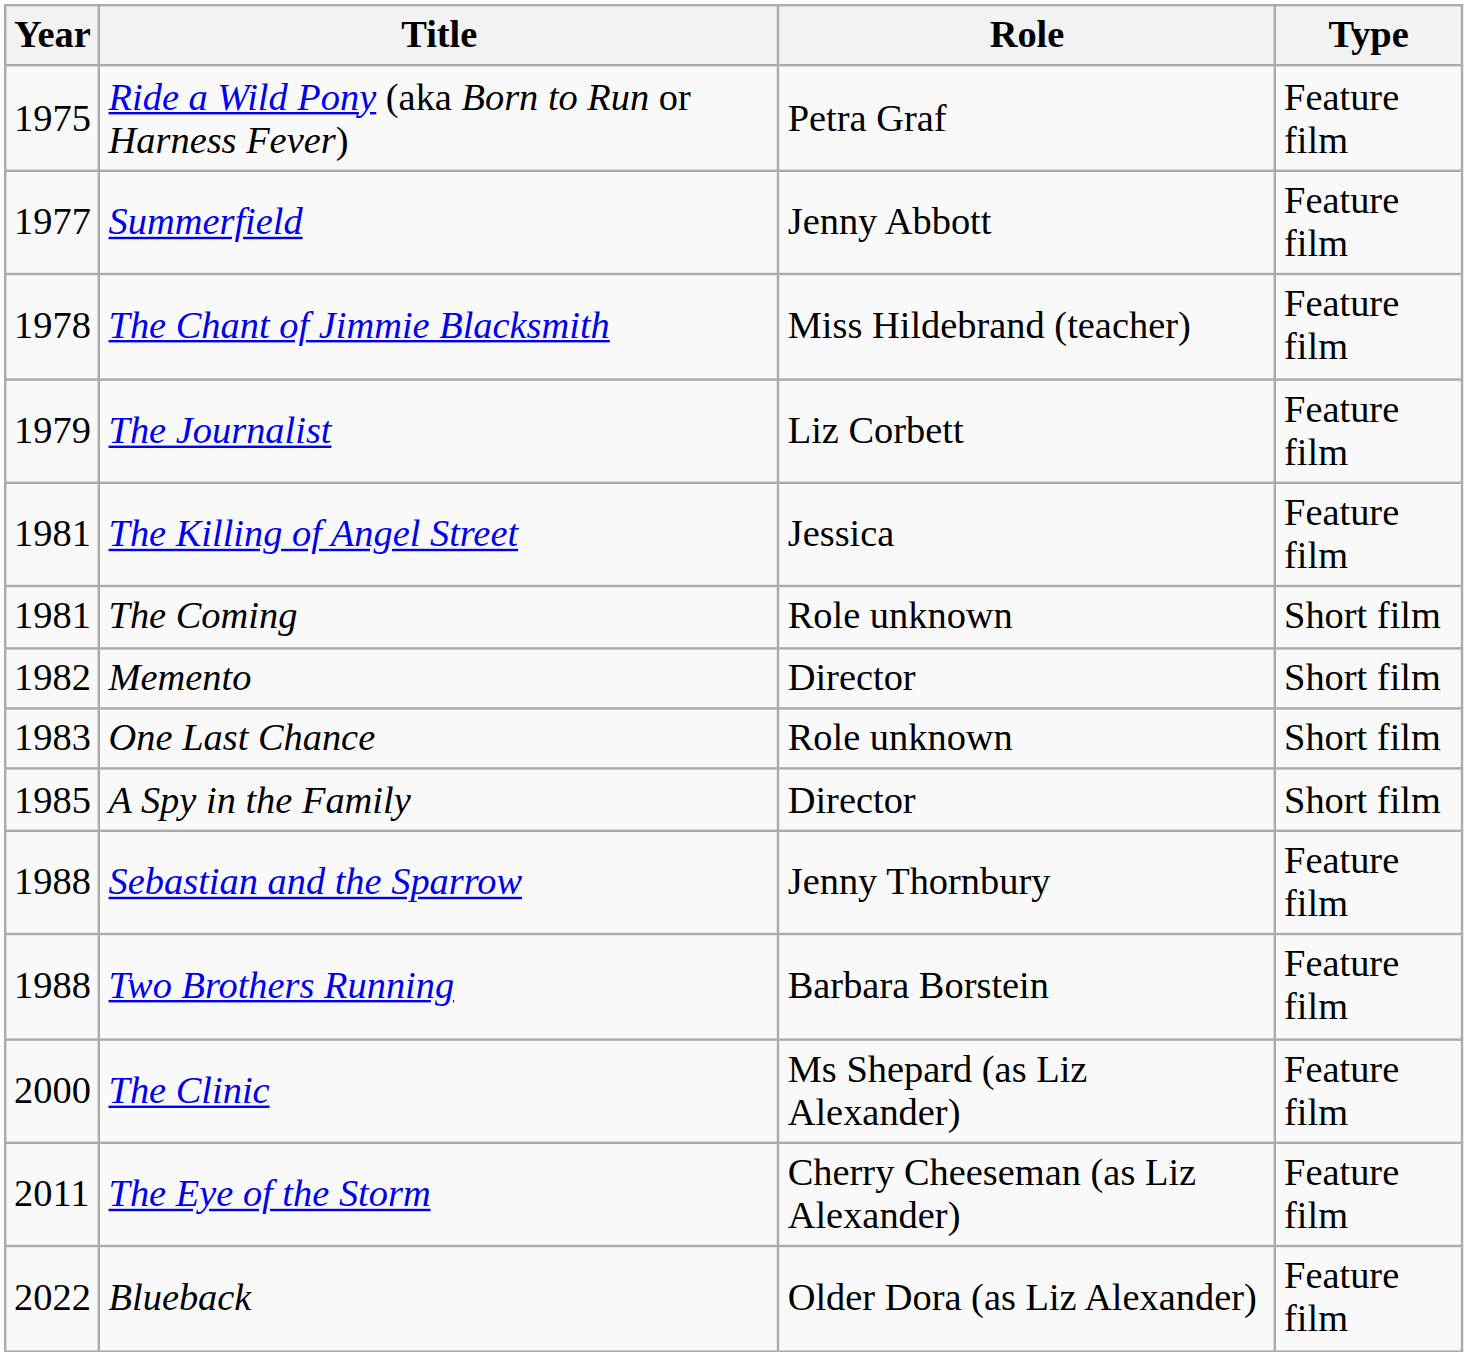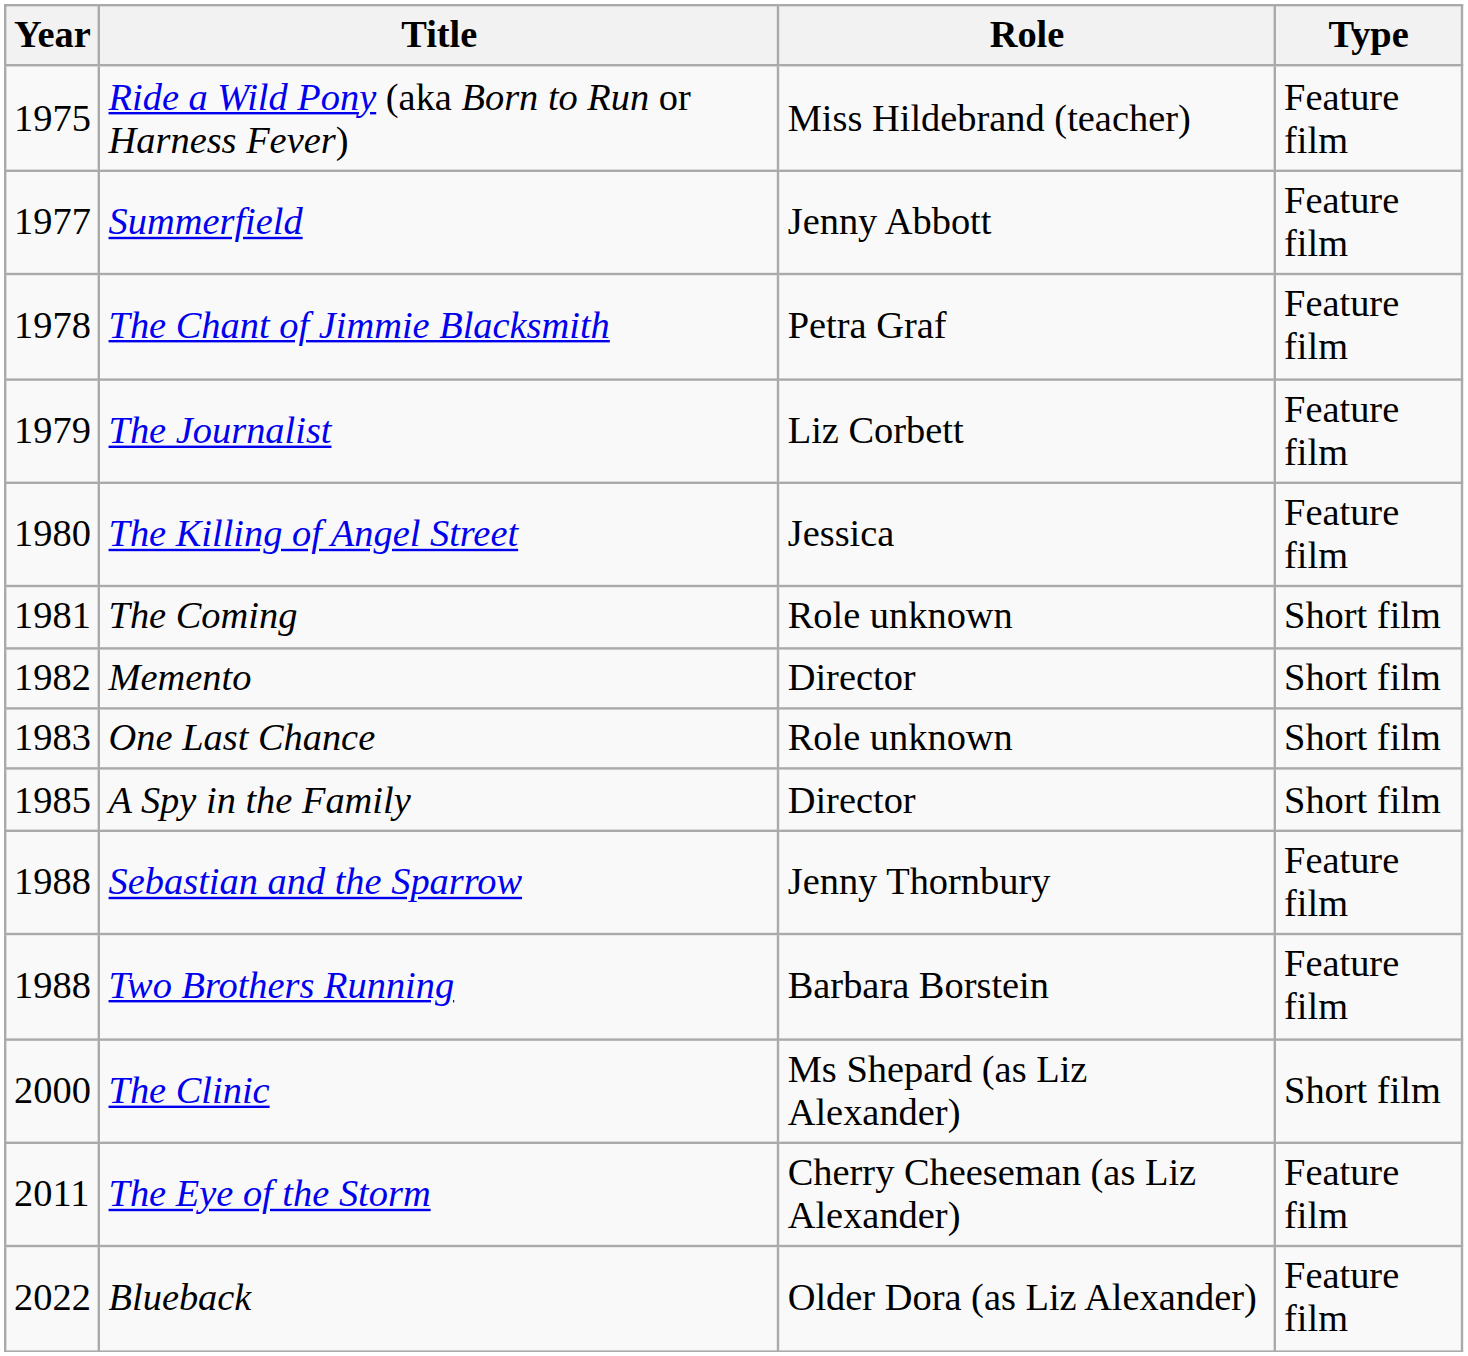 <table class="wikitable">
 <tr>
 <th>Year</th>
 <th>Title</th>
 <th>Role</th>
 <th>Type</th>
 </tr>
 <tr>
 <td>1975</td>
 <td><em><a href='#'>Ride a Wild Pony</a></em> (aka <em>Born to Run</em> or <em>Harness Fever</em>)</td>
-<td>Petra Graf</td>
+<td>Miss Hildebrand (teacher)</td>
 <td>Feature film</td>
 </tr>
 <tr>
 <td>1977</td>
 <td><em><a href='#'>Summerfield</a></em></td>
 <td>Jenny Abbott</td>
 <td>Feature film</td>
 </tr>
 <tr>
 <td>1978</td>
 <td><em><a href='#'>The Chant of Jimmie Blacksmith</a></em></td>
-<td>Miss Hildebrand (teacher)</td>
+<td>Petra Graf</td>
 <td>Feature film</td>
 </tr>
 <tr>
 <td>1979</td>
 <td><em><a href='#'>The Journalist</a></em></td>
 <td>Liz Corbett</td>
 <td>Feature film</td>
 </tr>
 <tr>
-<td>1981</td>
+<td>1980</td>
 <td><em><a href='#'>The Killing of Angel Street</a></em></td>
 <td>Jessica</td>
 <td>Feature film</td>
 </tr>
 <tr>
 <td>1981</td>
 <td><em>The Coming</em></td>
 <td>Role unknown</td>
 <td>Short film</td>
 </tr>
 <tr>
 <td>1982</td>
 <td><em>Memento</em></td>
 <td>Director</td>
 <td>Short film</td>
 </tr>
 <tr>
 <td>1983</td>
 <td><em>One Last Chance</em></td>
 <td>Role unknown</td>
 <td>Short film</td>
 </tr>
 <tr>
 <td>1985</td>
 <td><em>A Spy in the Family</em></td>
 <td>Director</td>
 <td>Short film</td>
 </tr>
 <tr>
 <td>1988</td>
 <td><em><a href='#'>Sebastian and the Sparrow</a></em></td>
 <td>Jenny Thornbury</td>
 <td>Feature film</td>
 </tr>
 <tr>
 <td>1988</td>
 <td><em><a href='#'>Two Brothers Running</a></em></td>
 <td>Barbara Borstein</td>
 <td>Feature film</td>
 </tr>
 <tr>
 <td>2000</td>
 <td><em><a href='#'>The Clinic</a></em></td>
 <td>Ms Shepard (as Liz Alexander)</td>
-<td>Feature film</td>
+<td>Short film</td>
 </tr>
 <tr>
 <td>2011</td>
 <td><em><a href='#'>The Eye of the Storm</a></em></td>
 <td>Cherry Cheeseman (as Liz Alexander)</td>
 <td>Feature film</td>
 </tr>
 <tr>
 <td>2022</td>
 <td><em>Blueback</em></td>
 <td>Older Dora (as Liz Alexander)</td>
 <td>Feature film</td>
 </tr>
 </table>
